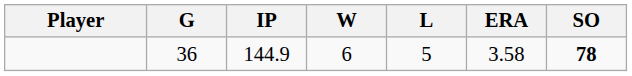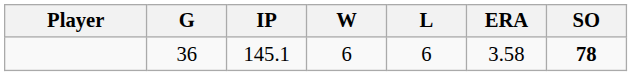 <table class="wikitable sortable">
 <tr>
 <th bgcolor="#DDDDFF" width="16%">Player</th>
 <th bgcolor="#DDDDFF" width="9%">G</th>
 <th bgcolor="#DDDDFF" width="9%">IP</th>
 <th bgcolor="#DDDDFF" width="9%">W</th>
 <th bgcolor="#DDDDFF" width="9%">L</th>
 <th bgcolor="#DDDDFF" width="9%">ERA</th>
 <th bgcolor="#DDDDFF" width="9%">SO</th>
 </tr>
 <tr align="center">
 <td></td>
 <td>36</td>
-<td>144.9</td>
+<td>145.1</td>
 <td>6</td>
-<td>5</td>
+<td>6</td>
 <td>3.58</td>
 <td><strong>78</strong></td>
 </tr>
 </table>
